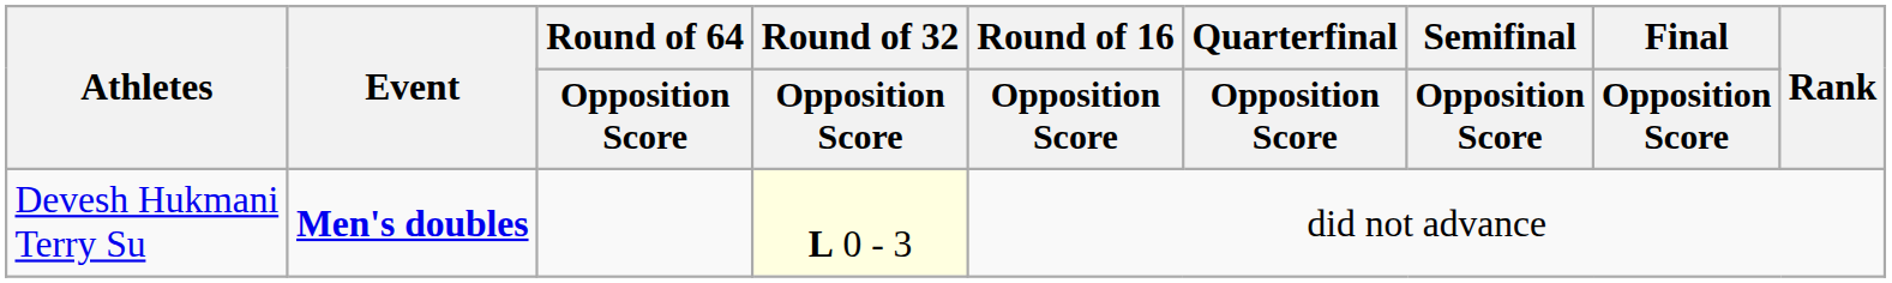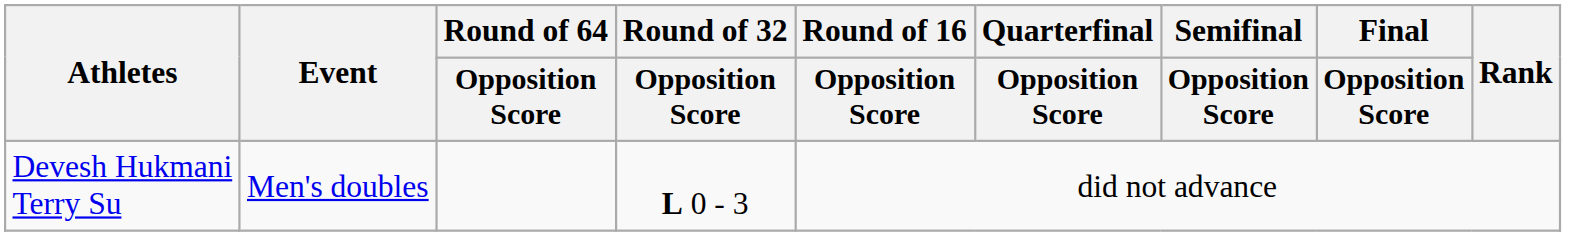 <table class="wikitable" style="font-size:90%">
 <tr>
 <th rowspan=2>Athletes</th>
 <th rowspan=2>Event</th>
 <th>Round of 64</th>
 <th>Round of 32</th>
 <th>Round of 16</th>
 <th>Quarterfinal</th>
 <th>Semifinal</th>
 <th>Final</th>
 <th rowspan=2>Rank</th>
 </tr>
 <tr style="font-size:95%">
 <th>Opposition<br>Score</th>
 <th>Opposition<br>Score</th>
 <th>Opposition<br>Score</th>
 <th>Opposition<br>Score</th>
 <th>Opposition<br>Score</th>
 <th>Opposition<br>Score</th>
 </tr>
 <tr align=center>
 <td align=left><a href='#'>Devesh Hukmani</a><br><a href='#'>Terry Su</a></td>
-<td align=left><strong><a href='#'>Men's doubles</a></strong></td>
+<td align=left><a href='#'>Men's doubles</a></td>
 <td></td>
-<td style="background: lightyellow;"><br><strong>L</strong> 0 - 3</td>
+<td><br><strong>L</strong> 0 - 3</td>
 <td colspan=5>did not advance</td>
 </tr>
 </table>
